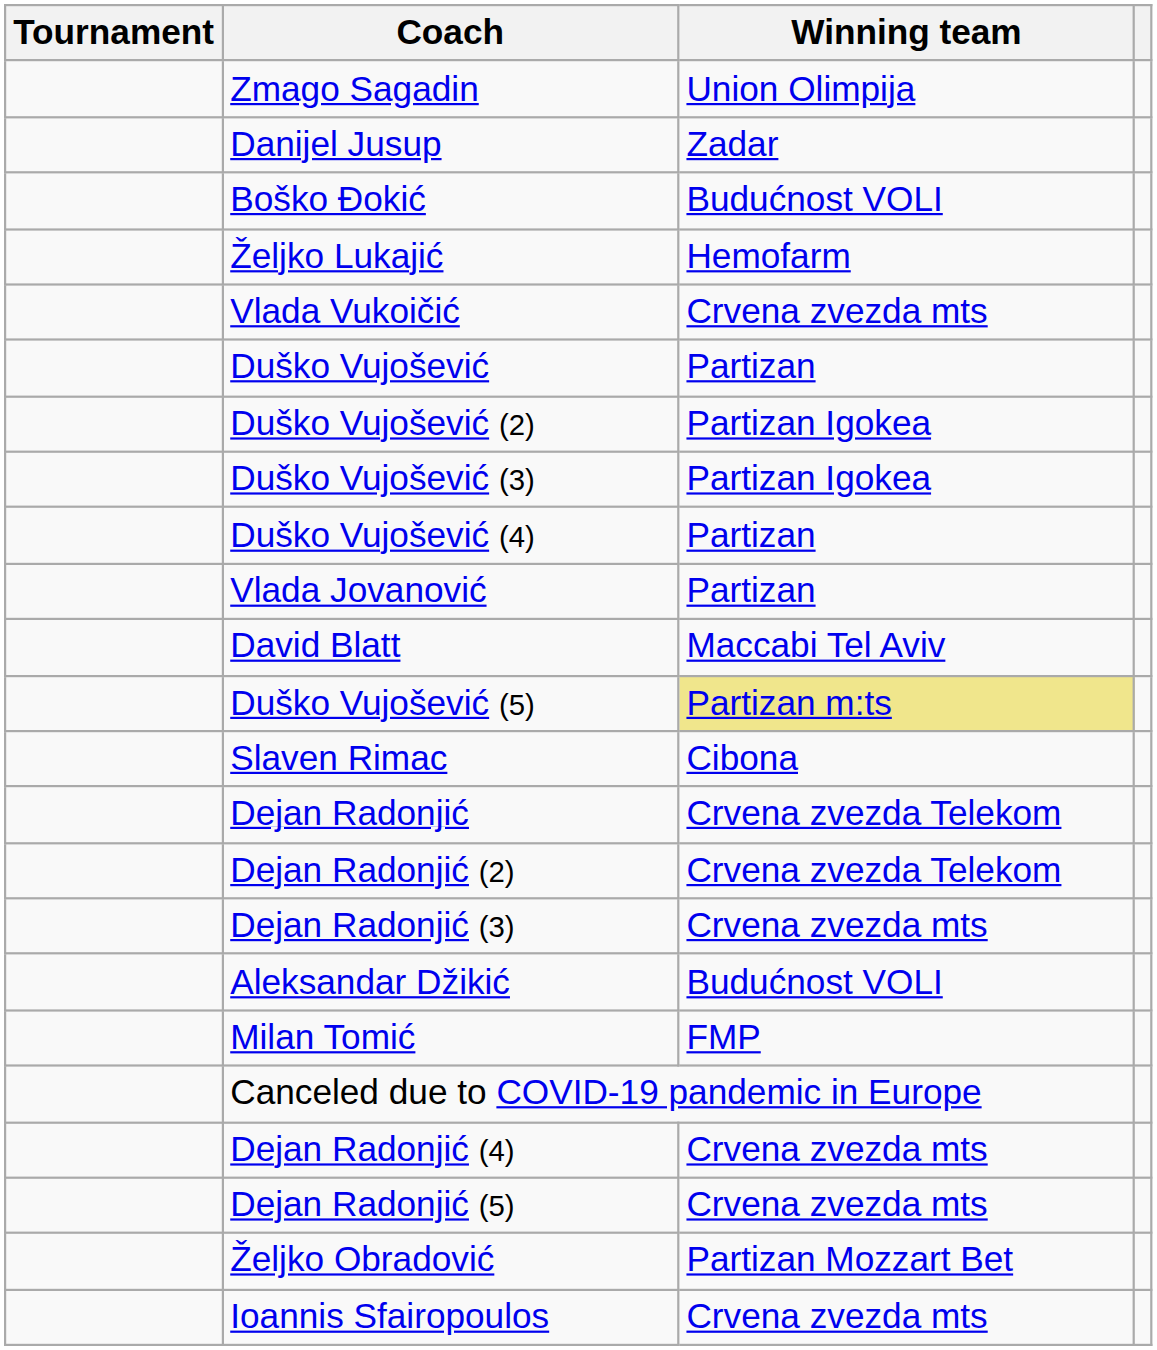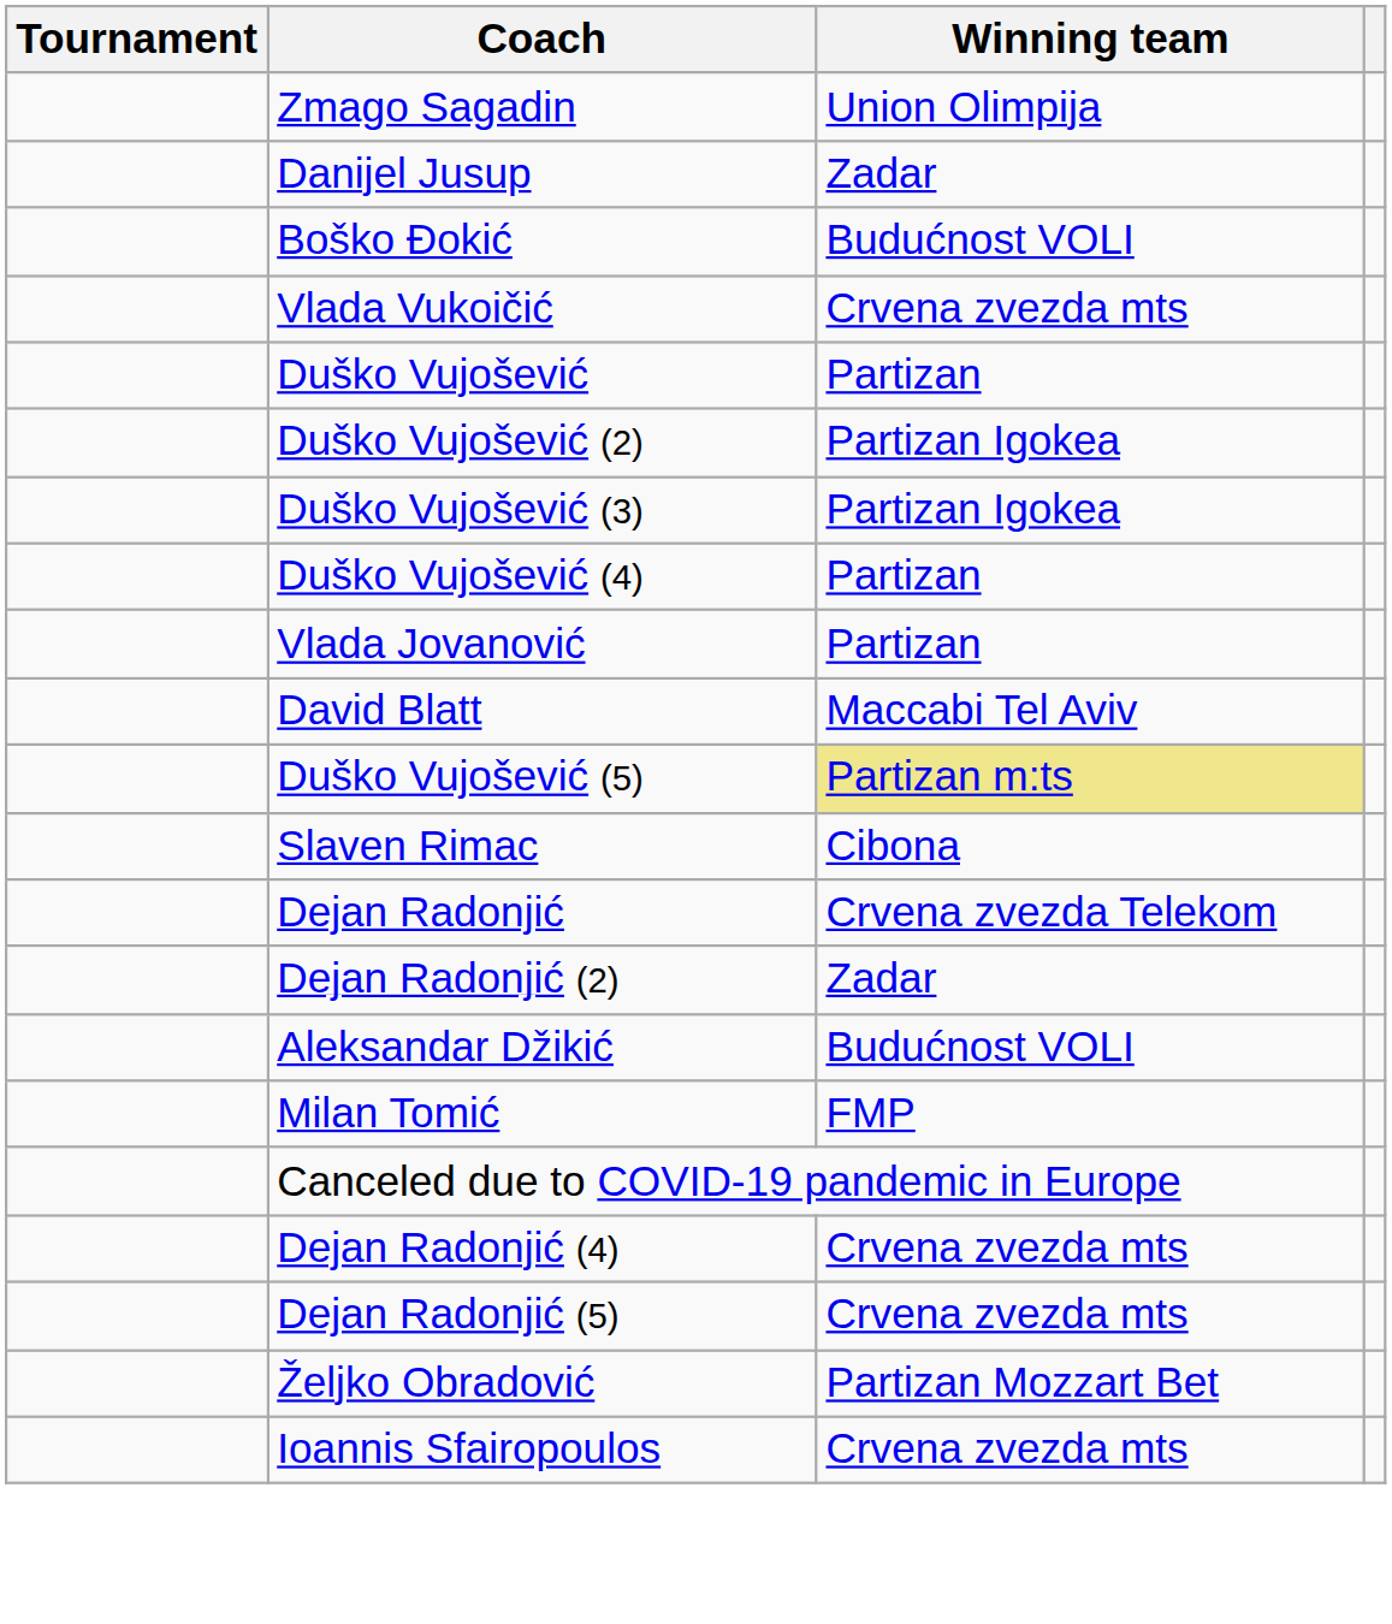 <table class="wikitable">
 <tr>
 <th>Tournament</th>
 <th style="width:200px">Coach</th>
 <th style="width:200px">Winning team</th>
 <th></th>
 </tr>
 <tr>
 <td></td>
 <td> <a href='#'>Zmago Sagadin</a></td>
 <td> <a href='#'>Union Olimpija</a></td>
 <td></td>
 </tr>
 <tr>
 <td></td>
 <td> <a href='#'>Danijel Jusup</a></td>
 <td> <a href='#'>Zadar</a></td>
 <td></td>
 </tr>
 <tr>
 <td></td>
 <td> <a href='#'>Boško Đokić</a></td>
 <td>  <a href='#'>Budućnost VOLI</a></td>
-<td></td>
-</tr>
-<tr>
-<td></td>
-<td> <a href='#'>Željko Lukajić</a></td>
-<td> <a href='#'>Hemofarm</a></td>
 <td></td>
 </tr>
 <tr>
 <td></td>
 <td> <a href='#'>Vlada Vukoičić</a></td>
 <td> <a href='#'>Crvena zvezda mts</a></td>
 <td></td>
 </tr>
 <tr>
 <td></td>
 <td> <a href='#'>Duško Vujošević</a></td>
 <td> <a href='#'>Partizan</a></td>
 <td></td>
 </tr>
 <tr>
 <td></td>
 <td> <a href='#'>Duško Vujošević</a> <small>(2)</small></td>
 <td> <a href='#'>Partizan Igokea</a></td>
 <td></td>
 </tr>
 <tr>
 <td></td>
 <td> <a href='#'>Duško Vujošević</a> <small>(3)</small></td>
 <td> <a href='#'>Partizan Igokea</a></td>
 <td></td>
 </tr>
 <tr>
 <td></td>
 <td> <a href='#'>Duško Vujošević</a> <small>(4)</small></td>
 <td> <a href='#'>Partizan</a></td>
 <td></td>
 </tr>
 <tr>
 <td></td>
 <td> <a href='#'>Vlada Jovanović</a></td>
 <td> <a href='#'>Partizan</a></td>
 <td></td>
 </tr>
 <tr>
 <td></td>
 <td> <a href='#'>David Blatt</a></td>
 <td> <a href='#'>Maccabi Tel Aviv</a></td>
 <td></td>
 </tr>
 <tr>
 <td></td>
 <td> <a href='#'>Duško Vujošević</a> <small>(5)</small></td>
 <td style="background: khaki;"> <a href='#'>Partizan m:ts</a></td>
 <td></td>
 </tr>
 <tr>
 <td></td>
 <td> <a href='#'>Slaven Rimac</a></td>
 <td> <a href='#'>Cibona</a></td>
 <td></td>
 </tr>
 <tr>
 <td></td>
 <td> <a href='#'>Dejan Radonjić</a></td>
 <td> <a href='#'>Crvena zvezda Telekom</a></td>
 <td></td>
 </tr>
 <tr>
 <td></td>
 <td> <a href='#'>Dejan Radonjić</a> <small>(2)</small></td>
-<td> <a href='#'>Crvena zvezda Telekom</a></td>
-<td></td>
-</tr>
-<tr>
-<td></td>
-<td> <a href='#'>Dejan Radonjić</a> <small>(3)</small></td>
-<td> <a href='#'>Crvena zvezda mts</a></td>
+<td> <a href='#'>Zadar</a></td>
 <td></td>
 </tr>
 <tr>
 <td></td>
 <td> <a href='#'>Aleksandar Džikić</a></td>
 <td>  <a href='#'>Budućnost VOLI</a></td>
 <td></td>
 </tr>
 <tr>
 <td></td>
 <td> <a href='#'>Milan Tomić</a></td>
 <td> <a href='#'>FMP</a></td>
 <td></td>
 </tr>
 <tr>
 <td></td>
 <td colspan=2>Canceled due to <a href='#'>COVID-19 pandemic in Europe</a></td>
 <td></td>
 </tr>
 <tr>
 <td></td>
 <td> <a href='#'>Dejan Radonjić</a> <small>(4)</small></td>
 <td> <a href='#'>Crvena zvezda mts</a></td>
 <td></td>
 </tr>
 <tr>
 <td></td>
 <td> <a href='#'>Dejan Radonjić</a> <small>(5)</small></td>
 <td> <a href='#'>Crvena zvezda mts</a></td>
 <td></td>
 </tr>
 <tr>
 <td></td>
 <td> <a href='#'>Željko Obradović</a></td>
 <td> <a href='#'>Partizan Mozzart Bet</a></td>
 <td></td>
 </tr>
 <tr>
 <td></td>
 <td> <a href='#'>Ioannis Sfairopoulos</a></td>
 <td> <a href='#'>Crvena zvezda mts</a></td>
 <td></td>
 </tr>
 </table>
